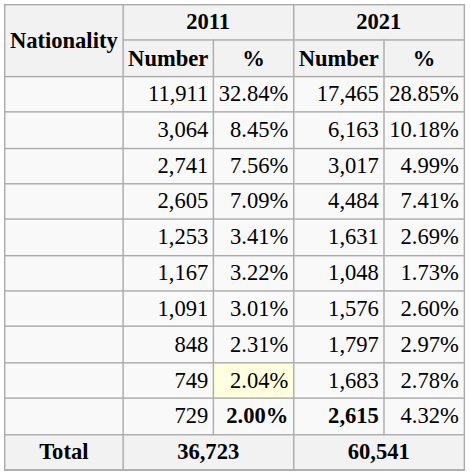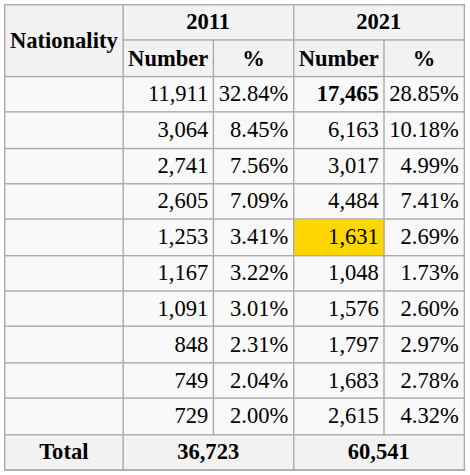 <table class="wikitable sortable static-row-numbers">
 <tr>
 <th rowspan="2">Nationality</th>
 <th colspan="2">2011</th>
 <th colspan="2">2021</th>
 </tr>
 <tr>
 <th>Number</th>
 <th>%</th>
 <th>Number</th>
 <th>%</th>
 </tr>
 <tr>
 <td></td>
 <td style="text-align:right;">11,911</td>
 <td style="text-align:right;">32.84%</td>
-<td style="text-align:right;">17,465</td>
+<td style="text-align:right;"><strong>17,465</strong></td>
 <td style="text-align:right;">28.85%</td>
 </tr>
 <tr>
 <td></td>
 <td style="text-align:right;">3,064</td>
 <td style="text-align:right;">8.45%</td>
 <td style="text-align:right;">6,163</td>
 <td style="text-align:right;">10.18%</td>
 </tr>
 <tr>
 <td></td>
 <td style="text-align:right;">2,741</td>
 <td style="text-align:right;">7.56%</td>
 <td style="text-align:right;">3,017</td>
 <td style="text-align:right;">4.99%</td>
 </tr>
 <tr>
 <td></td>
 <td style="text-align:right;">2,605</td>
 <td style="text-align:right;">7.09%</td>
 <td style="text-align:right;">4,484</td>
 <td style="text-align:right;">7.41%</td>
 </tr>
 <tr>
 <td></td>
 <td style="text-align:right;">1,253</td>
 <td style="text-align:right;">3.41%</td>
-<td style="text-align:right;">1,631</td>
+<td style="background: gold; text-align:right;">1,631</td>
 <td style="text-align:right;">2.69%</td>
 </tr>
 <tr>
 <td></td>
 <td style="text-align:right;">1,167</td>
 <td style="text-align:right;">3.22%</td>
 <td style="text-align:right;">1,048</td>
 <td style="text-align:right;">1.73%</td>
 </tr>
 <tr>
 <td></td>
 <td style="text-align:right;">1,091</td>
 <td style="text-align:right;">3.01%</td>
 <td style="text-align:right;">1,576</td>
 <td style="text-align:right;">2.60%</td>
 </tr>
 <tr>
 <td></td>
 <td style="text-align:right;">848</td>
 <td style="text-align:right;">2.31%</td>
 <td style="text-align:right;">1,797</td>
 <td style="text-align:right;">2.97%</td>
 </tr>
 <tr>
 <td></td>
 <td style="text-align:right;">749</td>
-<td style="background: lightyellow; text-align:right;">2.04%</td>
+<td style="text-align:right;">2.04%</td>
 <td style="text-align:right;">1,683</td>
 <td style="text-align:right;">2.78%</td>
 </tr>
 <tr>
 <td></td>
 <td style="text-align:right;">729</td>
-<td style="text-align:right;"><strong>2.00%</strong></td>
-<td style="text-align:right;"><strong>2,615</strong></td>
+<td style="text-align:right;">2.00%</td>
+<td style="text-align:right;">2,615</td>
 <td style="text-align:right;">4.32%</td>
 </tr>
 <tr>
 <th>Total</th>
 <th colspan="2">36,723</th>
 <th colspan="2">60,541</th>
 </tr>
 <tr>
 </tr>
 </table>
